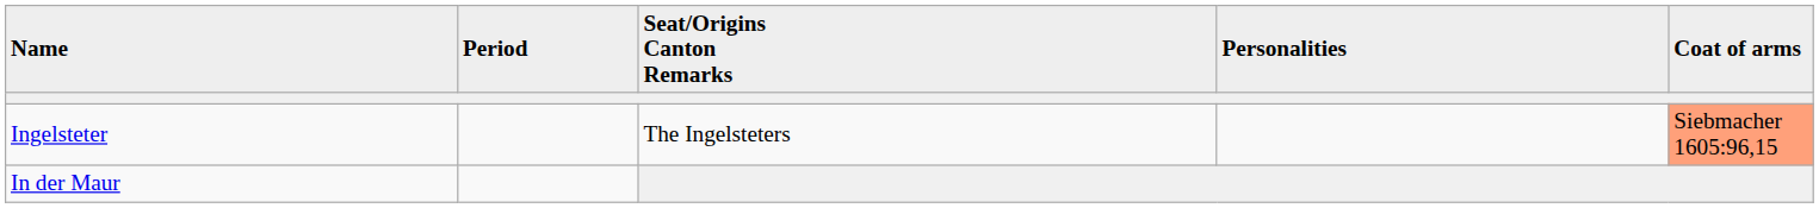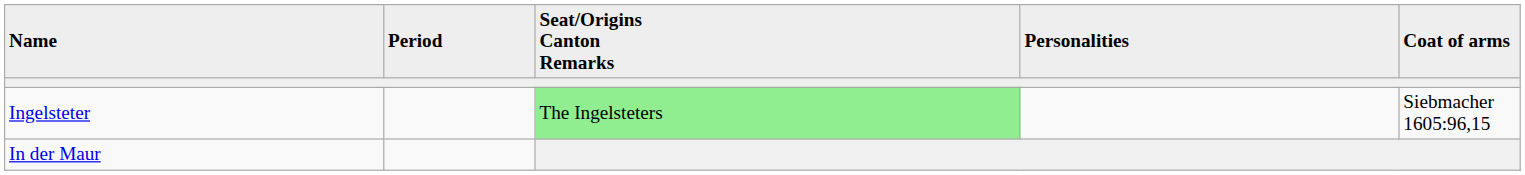 <table class="wikitable" width="100%">
 <tr>
 <td style="background:#EEEEEE;" ! width="25%"><strong>Name</strong></td>
 <td style="background:#EEEEEE;" ! width="10%"><strong>Period</strong></td>
 <td style="background:#EEEEEE;" ! width="32%"><strong>Seat/Origins <br> Canton <br> Remarks</strong></td>
 <td style="background:#EEEEEE;" ! width="25%"><strong>Personalities</strong></td>
 <td style="background:#EEEEEE;" ! width="8%"><strong>Coat of arms</strong></td>
 </tr>
 <tr>
 <td colspan="5" align="left" style="background:#f0f0f0;"></td>
 </tr>
 <tr>
 <td><a href='#'>Ingelsteter</a></td>
 <td></td>
-<td>The Ingelsteters</td>
+<td style="background: lightgreen;">The Ingelsteters</td>
 <td></td>
-<td style="background: lightsalmon;">Siebmacher 1605:96,15</td>
+<td>Siebmacher 1605:96,15</td>
 </tr>
 <tr>
 <td><a href='#'>In der Maur</a></td>
 <td></td>
 <td colspan="5" align="left" style="background:#f0f0f0;"></td>
 </tr>
 </table>
